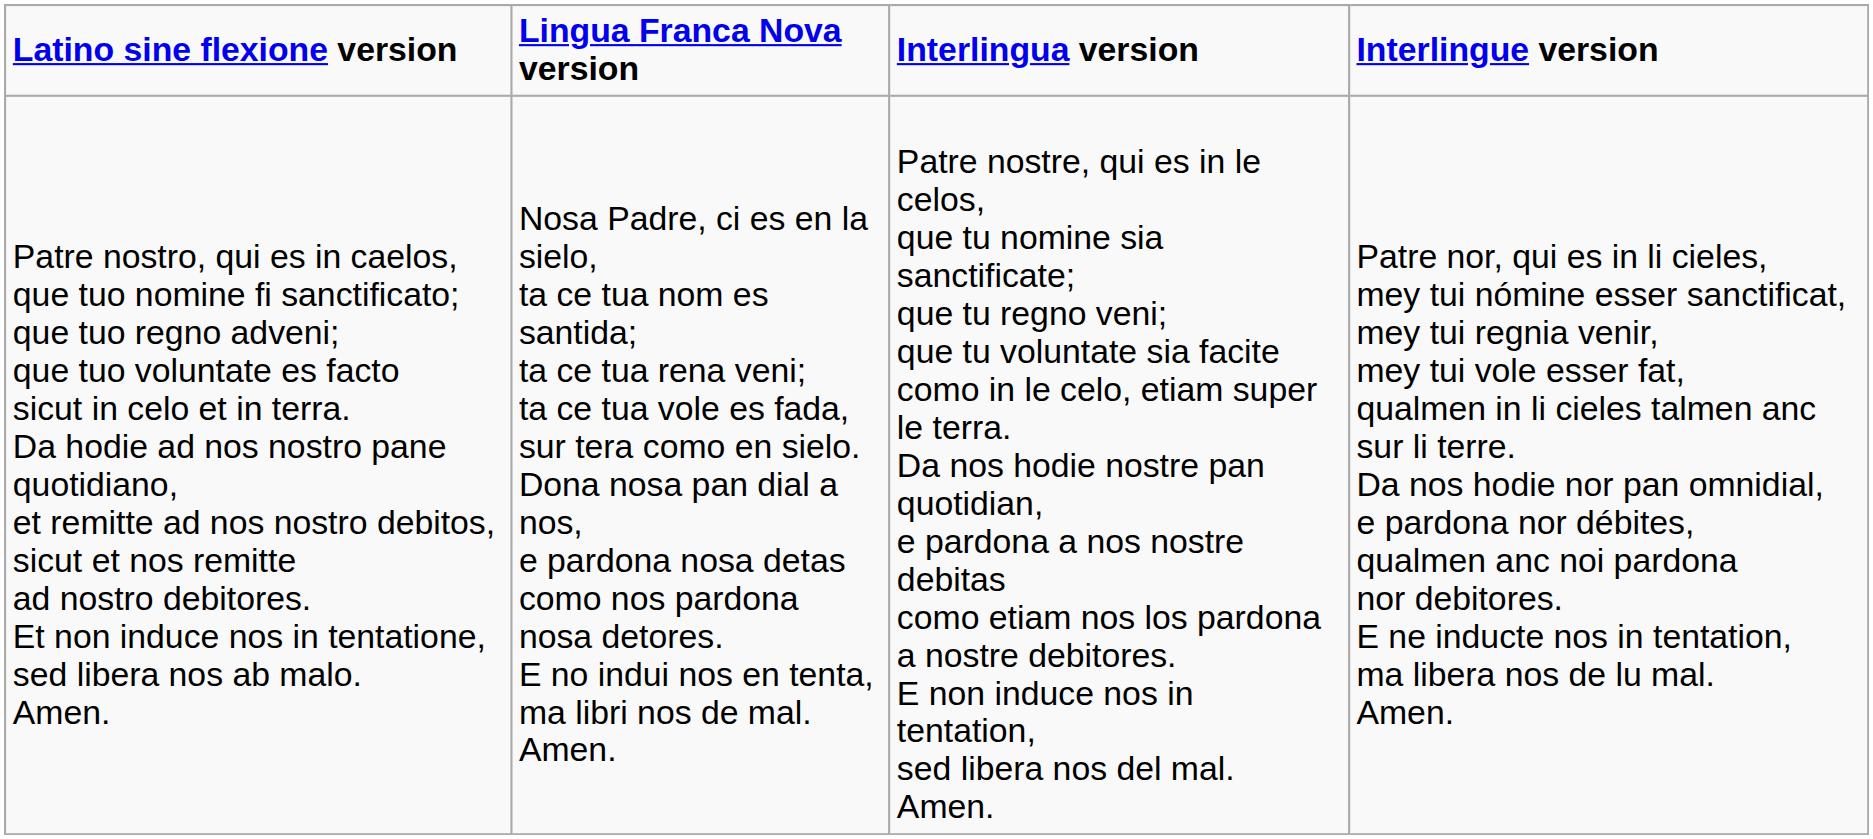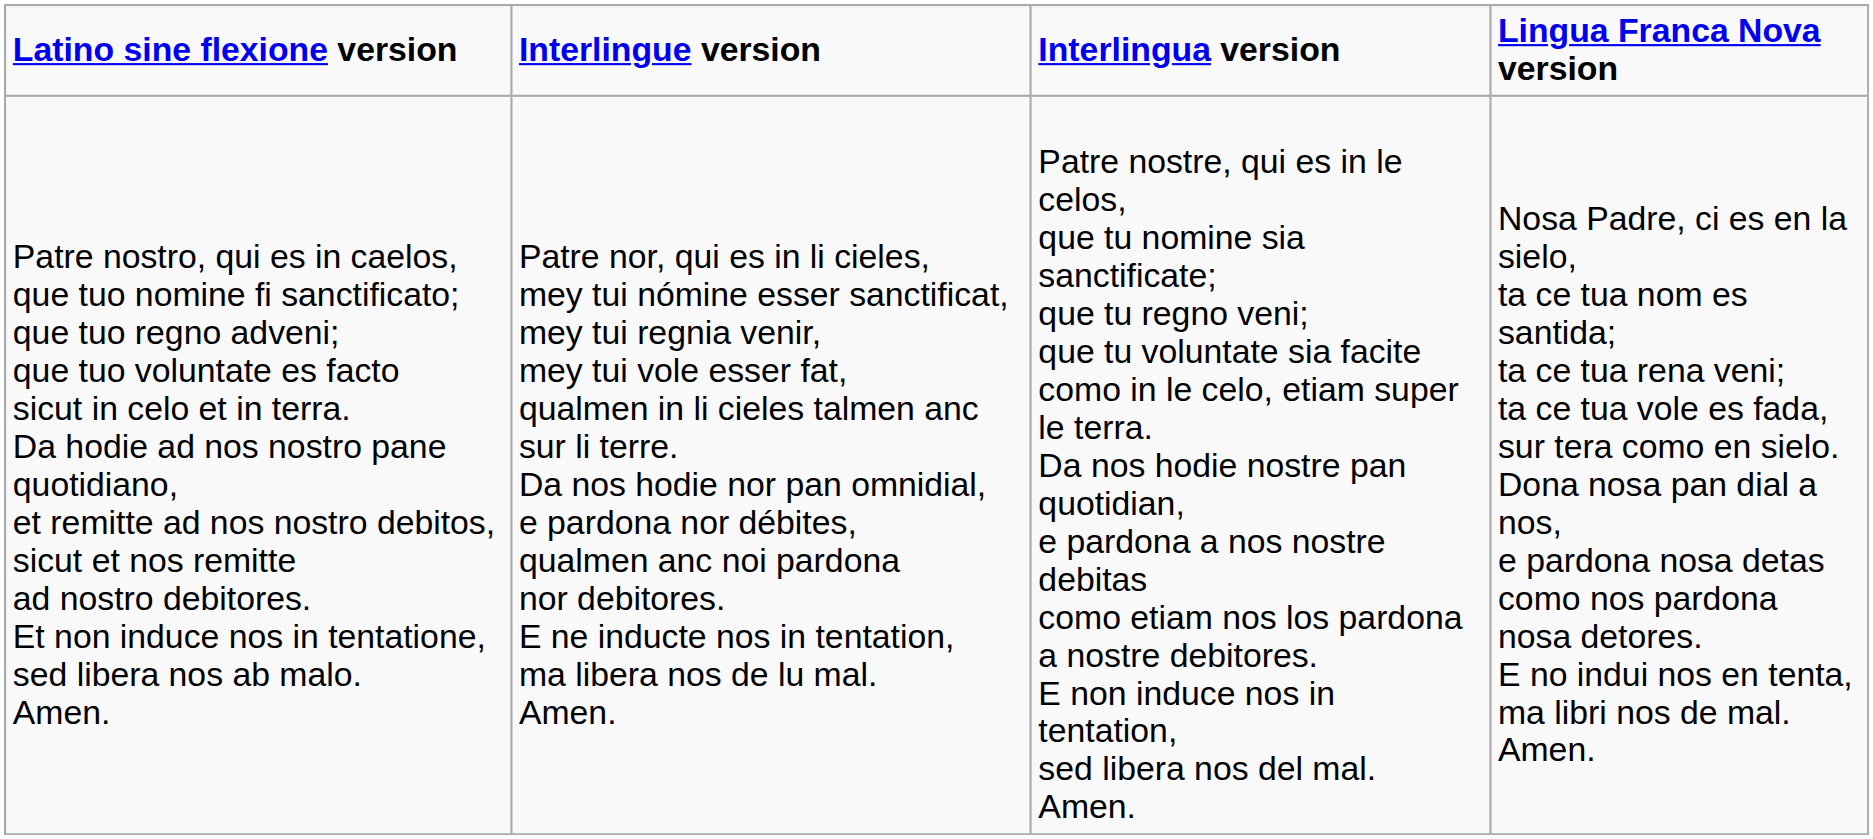 <table class="wikitable" style="margin:1em auto;">
 <tr>
 <td><strong><a href='#'>Latino sine flexione</a> version</strong></td>
+<td><strong><a href='#'>Interlingue</a> version</strong></td>
+<td><strong><a href='#'>Interlingua</a> version</strong></td>
 <td><strong><a href='#'>Lingua Franca Nova</a> version</strong></td>
-<td><strong><a href='#'>Interlingua</a> version</strong></td>
-<td><strong><a href='#'>Interlingue</a> version</strong></td>
 </tr>
 <tr>
 <td><br>Patre nostro, qui es in caelos,<br> que tuo nomine fi sanctificato;<br> que tuo regno adveni;<br> que tuo voluntate es facto<br> sicut in celo et in terra.<br> Da hodie ad nos nostro pane quotidiano,<br> et remitte ad nos nostro debitos,<br> sicut et nos remitte <br> ad nostro debitores.<br> Et non induce nos in tentatione,<br> sed libera nos ab malo.<br> Amen.</td>
+<td><br>Patre nor, qui es in li cieles,<br> mey tui nómine esser sanctificat,<br> mey tui regnia venir,<br> mey tui vole esser fat,<br> qualmen in li cieles talmen anc sur li terre.<br> Da nos hodie nor pan omnidial,<br> e pardona nor débites,<br> qualmen anc noi pardona <br> nor debitores.<br> E ne inducte nos in tentation,<br> ma libera nos de lu mal.<br> Amen.</td>
+<td><br>Patre nostre, qui es in le celos,<br> que tu nomine sia sanctificate;<br> que tu regno veni;<br> que tu voluntate sia facite<br> como in le celo, etiam super le terra.<br> Da nos hodie nostre pan quotidian,<br> e pardona a nos nostre debitas<br> como etiam nos los pardona <br> a nostre debitores.<br> E non induce nos in tentation,<br> sed libera nos del mal.<br> Amen.</td>
 <td><br>Nosa Padre, ci es en la sielo,<br> ta ce tua nom es santida;<br> ta ce tua rena veni;<br> ta ce tua vole es fada,<br> sur tera como en sielo.<br> Dona nosa pan dial a nos,<br> e pardona nosa detas<br> como nos pardona <br> nosa detores.<br> E no indui nos en tenta,<br> ma libri nos de mal.<br> Amen.</td>
-<td><br>Patre nostre, qui es in le celos,<br> que tu nomine sia sanctificate;<br> que tu regno veni;<br> que tu voluntate sia facite<br> como in le celo, etiam super le terra.<br> Da nos hodie nostre pan quotidian,<br> e pardona a nos nostre debitas<br> como etiam nos los pardona <br> a nostre debitores.<br> E non induce nos in tentation,<br> sed libera nos del mal.<br> Amen.</td>
-<td><br>Patre nor, qui es in li cieles,<br> mey tui nómine esser sanctificat,<br> mey tui regnia venir,<br> mey tui vole esser fat,<br> qualmen in li cieles talmen anc sur li terre.<br> Da nos hodie nor pan omnidial,<br> e pardona nor débites,<br> qualmen anc noi pardona <br> nor debitores.<br> E ne inducte nos in tentation,<br> ma libera nos de lu mal.<br> Amen.</td>
 </tr>
 </table>
